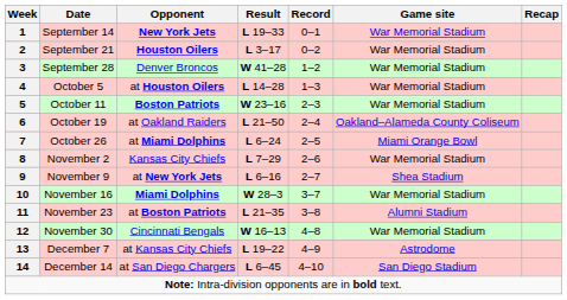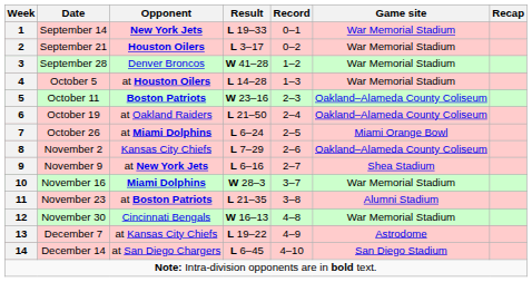 <table class="wikitable" style="text-align:center">
 <tr>
 <th>Week</th>
 <th>Date</th>
 <th>Opponent</th>
 <th>Result</th>
 <th>Record</th>
 <th>Game site</th>
 <th>Recap</th>
 </tr>
 <tr bgcolor="#fcc">
 <th>1</th>
 <td>September 14</td>
 <td><strong><a href='#'>New York Jets</a></strong></td>
 <td><strong>L</strong> 19–33</td>
 <td>0–1</td>
 <td><a href='#'>War Memorial Stadium</a></td>
 <td></td>
 </tr>
 <tr bgcolor="#fcc">
 <th>2</th>
 <td>September 21</td>
 <td><strong><a href='#'>Houston Oilers</a></strong></td>
 <td><strong>L</strong> 3–17</td>
 <td>0–2</td>
 <td>War Memorial Stadium</td>
 <td></td>
 </tr>
 <tr bgcolor="#cfc">
 <th>3</th>
 <td>September 28</td>
 <td><a href='#'>Denver Broncos</a></td>
 <td><strong>W</strong> 41–28</td>
 <td>1–2</td>
 <td>War Memorial Stadium</td>
 <td></td>
 </tr>
 <tr bgcolor="#fcc">
 <th>4</th>
 <td>October 5</td>
 <td>at <strong><a href='#'>Houston Oilers</a></strong></td>
 <td><strong>L</strong> 14–28</td>
 <td>1–3</td>
 <td>War Memorial Stadium</td>
 <td></td>
 </tr>
 <tr bgcolor="#cfc">
 <th>5</th>
 <td>October 11</td>
 <td><strong><a href='#'>Boston Patriots</a></strong></td>
 <td><strong>W</strong> 23–16</td>
 <td>2–3</td>
-<td>War Memorial Stadium</td>
+<td><a href='#'>Oakland–Alameda County Coliseum</a></td>
 <td></td>
 </tr>
 <tr bgcolor="#fcc">
 <th>6</th>
 <td>October 19</td>
 <td>at <a href='#'>Oakland Raiders</a></td>
 <td><strong>L</strong> 21–50</td>
 <td>2–4</td>
 <td><a href='#'>Oakland–Alameda County Coliseum</a></td>
 <td></td>
 </tr>
 <tr bgcolor="#fcc">
 <th>7</th>
 <td>October 26</td>
 <td>at <strong><a href='#'>Miami Dolphins</a></strong></td>
 <td><strong>L</strong> 6–24</td>
 <td>2–5</td>
 <td><a href='#'>Miami Orange Bowl</a></td>
 <td></td>
 </tr>
 <tr bgcolor="#fcc">
 <th>8</th>
 <td>November 2</td>
 <td><a href='#'>Kansas City Chiefs</a></td>
 <td><strong>L</strong> 7–29</td>
 <td>2–6</td>
-<td>War Memorial Stadium</td>
+<td><a href='#'>Oakland–Alameda County Coliseum</a></td>
 <td></td>
 </tr>
 <tr bgcolor="#fcc">
 <th>9</th>
 <td>November 9</td>
 <td>at <strong><a href='#'>New York Jets</a></strong></td>
 <td><strong>L</strong> 6–16</td>
 <td>2–7</td>
 <td><a href='#'>Shea Stadium</a></td>
 <td></td>
 </tr>
 <tr bgcolor="#cfc">
 <th>10</th>
 <td>November 16</td>
 <td><strong><a href='#'>Miami Dolphins</a></strong></td>
 <td><strong>W</strong> 28–3</td>
 <td>3–7</td>
 <td>War Memorial Stadium</td>
 <td></td>
 </tr>
 <tr bgcolor="#fcc">
 <th>11</th>
 <td>November 23</td>
 <td>at <strong><a href='#'>Boston Patriots</a></strong></td>
 <td><strong>L</strong> 21–35</td>
 <td>3–8</td>
 <td><a href='#'>Alumni Stadium</a></td>
 <td></td>
 </tr>
 <tr bgcolor="#cfc">
 <th>12</th>
 <td>November 30</td>
 <td><a href='#'>Cincinnati Bengals</a></td>
 <td><strong>W</strong> 16–13</td>
 <td>4–8</td>
 <td>War Memorial Stadium</td>
 <td></td>
 </tr>
 <tr bgcolor="#fcc">
 <th>13</th>
 <td>December 7</td>
 <td>at <a href='#'>Kansas City Chiefs</a></td>
 <td><strong>L</strong> 19–22</td>
 <td>4–9</td>
 <td><a href='#'>Astrodome</a></td>
 <td></td>
 </tr>
 <tr bgcolor="#fcc">
 <th>14</th>
 <td>December 14</td>
 <td>at <a href='#'>San Diego Chargers</a></td>
 <td><strong>L</strong> 6–45</td>
 <td>4–10</td>
 <td><a href='#'>San Diego Stadium</a></td>
 <td></td>
 </tr>
 <tr>
 <td colspan="8"><strong>Note:</strong> Intra-division opponents are in <strong>bold</strong> text.</td>
 </tr>
 </table>
